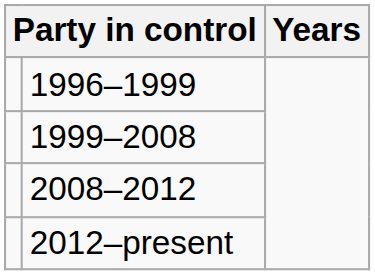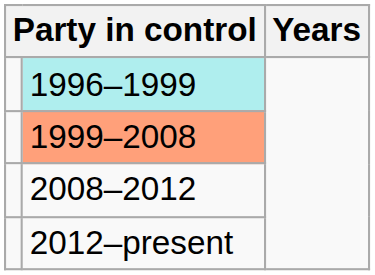 <table class="wikitable">
 <tr>
 <th colspan="2">Party in control</th>
 <th>Years</th>
 </tr>
 <tr>
 <td></td>
-<td>1996–1999</td>
+<td style="background: paleturquoise;">1996–1999</td>
 </tr>
 <tr>
 <td></td>
-<td>1999–2008</td>
+<td style="background: lightsalmon;">1999–2008</td>
 </tr>
 <tr>
 <td></td>
 <td>2008–2012</td>
 </tr>
 <tr>
 <td></td>
 <td>2012–present</td>
 </tr>
 </table>
